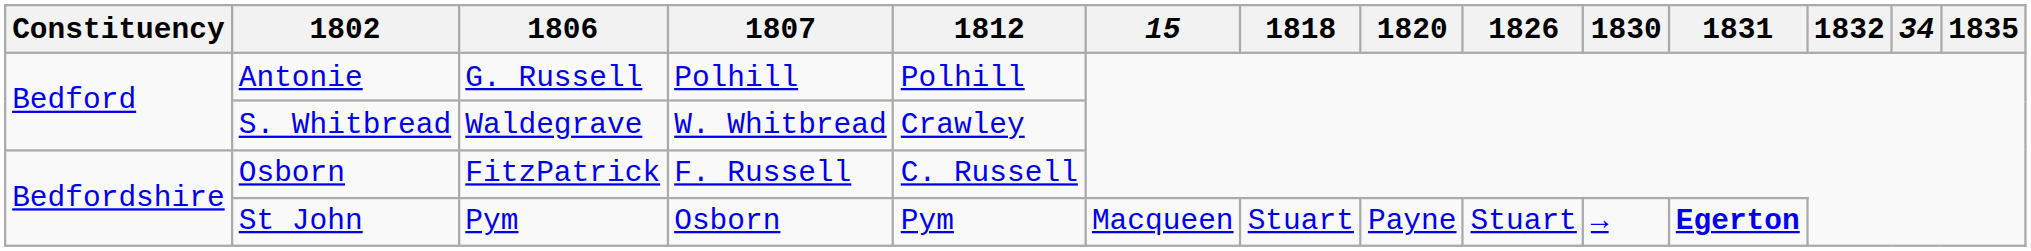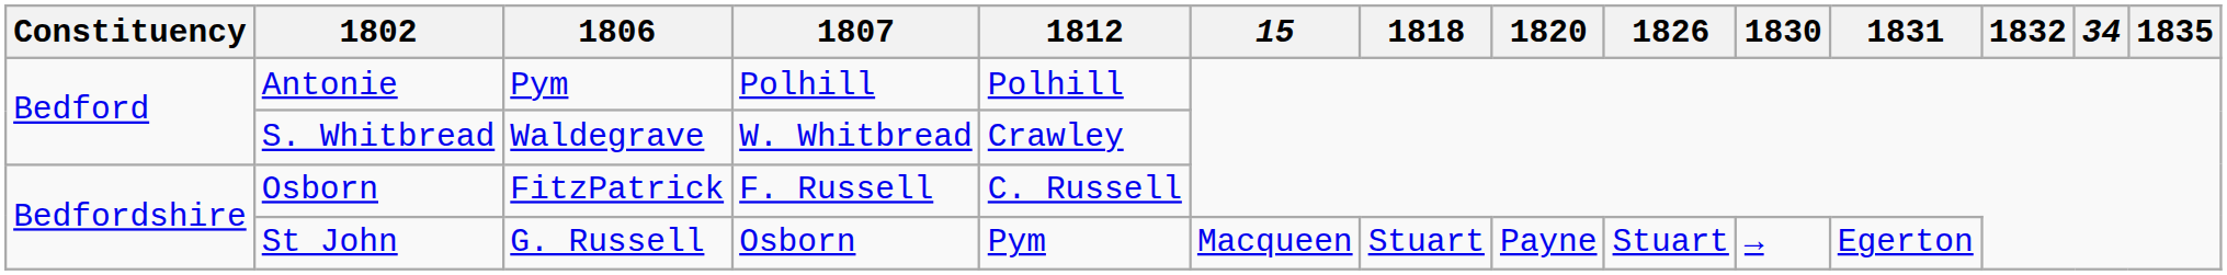 <table class="wikitable">
 <tr>
 <th>Constituency</th>
 <th>1802</th>
 <th>1806</th>
 <th>1807</th>
 <th>1812</th>
 <th><em>15</em></th>
 <th>1818</th>
 <th>1820</th>
 <th>1826</th>
 <th>1830</th>
 <th>1831</th>
 <th>1832</th>
 <th><em>34</em></th>
 <th>1835</th>
 </tr>
 <tr>
 <td rowspan="2"><a href='#'>Bedford</a></td>
 <td><a href='#'>Antonie</a></td>
-<td><a href='#'>G. Russell</a></td>
+<td><a href='#'>Pym</a></td>
 <td><a href='#'>Polhill</a></td>
 <td><a href='#'>Polhill</a></td>
 </tr>
 <tr>
 <td><a href='#'>S. Whitbread</a></td>
 <td><a href='#'>Waldegrave</a></td>
 <td><a href='#'>W. Whitbread</a></td>
 <td><a href='#'>Crawley</a></td>
 </tr>
 <tr>
 <td rowspan="2"><a href='#'>Bedfordshire</a></td>
 <td><a href='#'>Osborn</a></td>
 <td><a href='#'>FitzPatrick</a></td>
 <td><a href='#'>F. Russell</a></td>
 <td><a href='#'>C. Russell</a></td>
 </tr>
 <tr>
 <td><a href='#'>St John</a></td>
-<td><a href='#'>Pym</a></td>
+<td><a href='#'>G. Russell</a></td>
 <td><a href='#'>Osborn</a></td>
 <td><a href='#'>Pym</a></td>
 <td><a href='#'>Macqueen</a></td>
 <td><a href='#'>Stuart</a></td>
 <td><a href='#'>Payne</a></td>
 <td><a href='#'>Stuart</a></td>
 <td><a href='#'>→</a></td>
-<td><strong><a href='#'>Egerton</a></strong></td>
+<td><a href='#'>Egerton</a></td>
 </tr>
 </table>
